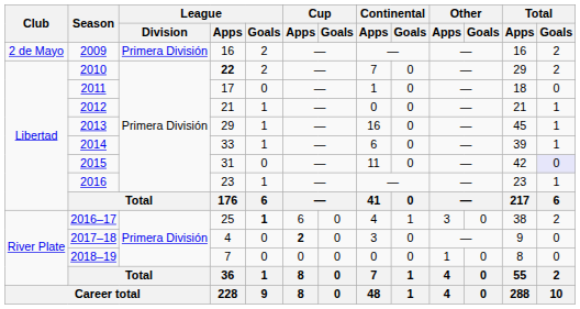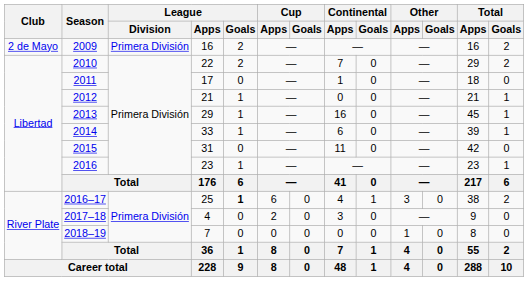 <table class="wikitable" style="text-align: center;">
 <tr>
 <th rowspan="2">Club</th>
 <th rowspan="2">Season</th>
 <th colspan="3">League</th>
 <th colspan="2">Cup</th>
 <th colspan="2">Continental</th>
 <th colspan="2">Other</th>
 <th colspan="2">Total</th>
 </tr>
 <tr>
 <th>Division</th>
 <th>Apps</th>
 <th>Goals</th>
 <th>Apps</th>
 <th>Goals</th>
 <th>Apps</th>
 <th>Goals</th>
 <th>Apps</th>
 <th>Goals</th>
 <th>Apps</th>
 <th>Goals</th>
 </tr>
 <tr>
 <td valign="center"><a href='#'>2 de Mayo</a></td>
 <td><a href='#'>2009</a></td>
 <td><a href='#'>Primera División</a></td>
 <td>16</td>
 <td>2</td>
 <td colspan="2">—</td>
 <td colspan="2">—</td>
 <td colspan="2">—</td>
 <td>16</td>
 <td>2</td>
 </tr>
 <tr>
 <td rowspan="8" valign="center"><a href='#'>Libertad</a></td>
 <td><a href='#'>2010</a></td>
 <td rowspan="7">Primera División</td>
-<td><strong>22</strong></td>
+<td>22</td>
 <td>2</td>
 <td colspan="2">—</td>
 <td>7</td>
 <td>0</td>
 <td colspan="2">—</td>
 <td>29</td>
 <td>2</td>
 </tr>
 <tr>
 <td><a href='#'>2011</a></td>
 <td>17</td>
 <td>0</td>
 <td colspan="2">—</td>
 <td>1</td>
 <td>0</td>
 <td colspan="2">—</td>
 <td>18</td>
 <td>0</td>
 </tr>
 <tr>
 <td><a href='#'>2012</a></td>
 <td>21</td>
 <td>1</td>
 <td colspan="2">—</td>
 <td>0</td>
 <td>0</td>
 <td colspan="2">—</td>
 <td>21</td>
 <td>1</td>
 </tr>
 <tr>
 <td><a href='#'>2013</a></td>
 <td>29</td>
 <td>1</td>
 <td colspan="2">—</td>
 <td>16</td>
 <td>0</td>
 <td colspan="2">—</td>
 <td>45</td>
 <td>1</td>
 </tr>
 <tr>
 <td><a href='#'>2014</a></td>
 <td>33</td>
 <td>1</td>
 <td colspan="2">—</td>
 <td>6</td>
 <td>0</td>
 <td colspan="2">—</td>
 <td>39</td>
 <td>1</td>
 </tr>
 <tr>
 <td><a href='#'>2015</a></td>
 <td>31</td>
 <td>0</td>
 <td colspan="2">—</td>
 <td>11</td>
 <td>0</td>
 <td colspan="2">—</td>
 <td>42</td>
-<td style="background: lavender;">0</td>
+<td>0</td>
 </tr>
 <tr>
 <td><a href='#'>2016</a></td>
 <td>23</td>
 <td>1</td>
 <td colspan="2">—</td>
 <td colspan="2">—</td>
 <td colspan="2">—</td>
 <td>23</td>
 <td>1</td>
 </tr>
 <tr>
 <th colspan="2">Total</th>
 <th>176</th>
 <th>6</th>
 <th colspan="2">—</th>
 <th>41</th>
 <th>0</th>
 <th colspan="2">—</th>
 <th>217</th>
 <th>6</th>
 </tr>
 <tr>
 <td rowspan="4" valign="center"><a href='#'>River Plate</a></td>
 <td><a href='#'>2016–17</a></td>
 <td rowspan="3"><a href='#'>Primera División</a></td>
 <td>25</td>
 <td><strong>1</strong></td>
 <td>6</td>
 <td>0</td>
 <td>4</td>
 <td>1</td>
 <td>3</td>
 <td>0</td>
 <td>38</td>
 <td>2</td>
 </tr>
 <tr>
 <td><a href='#'>2017–18</a></td>
 <td>4</td>
 <td>0</td>
-<td><strong>2</strong></td>
+<td>2</td>
 <td>0</td>
 <td>3</td>
 <td>0</td>
 <td colspan="2">—</td>
 <td>9</td>
 <td>0</td>
 </tr>
 <tr>
 <td><a href='#'>2018–19</a></td>
 <td>7</td>
 <td>0</td>
 <td>0</td>
 <td>0</td>
 <td>0</td>
 <td>0</td>
 <td>1</td>
 <td>0</td>
 <td>8</td>
 <td>0</td>
 </tr>
 <tr>
 <th colspan="2">Total</th>
 <th>36</th>
 <th>1</th>
 <th>8</th>
 <th>0</th>
 <th>7</th>
 <th>1</th>
 <th>4</th>
 <th>0</th>
 <th>55</th>
 <th>2</th>
 </tr>
 <tr>
 <th colspan="3"><strong>Career total</strong></th>
 <th>228</th>
 <th>9</th>
 <th>8</th>
 <th>0</th>
 <th>48</th>
 <th>1</th>
 <th>4</th>
 <th>0</th>
 <th>288</th>
 <th>10</th>
 </tr>
 </table>
